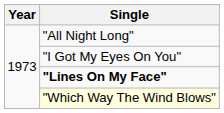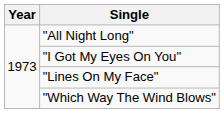 <table class="wikitable">
 <tr>
 <th align="left">Year</th>
 <th align="left">Single</th>
 </tr>
 <tr>
 <td rowspan="4" align="left">1973</td>
 <td align="left">"All Night Long"</td>
 </tr>
 <tr>
 <td align="left">"I Got My Eyes On You"</td>
 </tr>
 <tr>
-<td align="left"><strong>"Lines On My Face"</strong></td>
+<td align="left">"Lines On My Face"</td>
 </tr>
 <tr>
-<td align="left" style="background: lightyellow;">"Which Way The Wind Blows"</td>
+<td align="left">"Which Way The Wind Blows"</td>
 </tr>
 </table>
